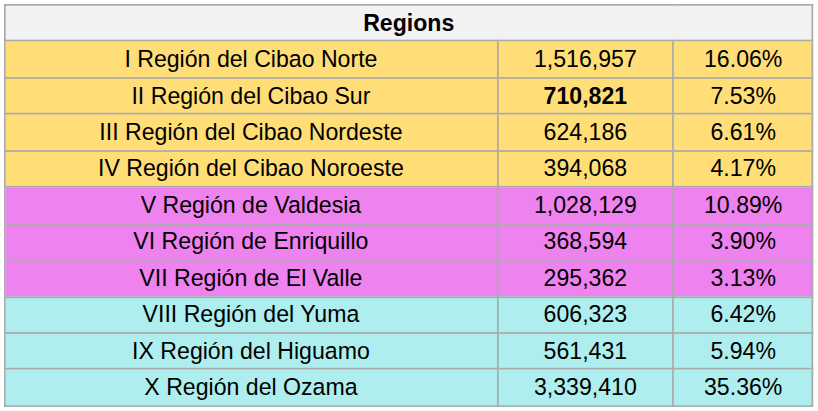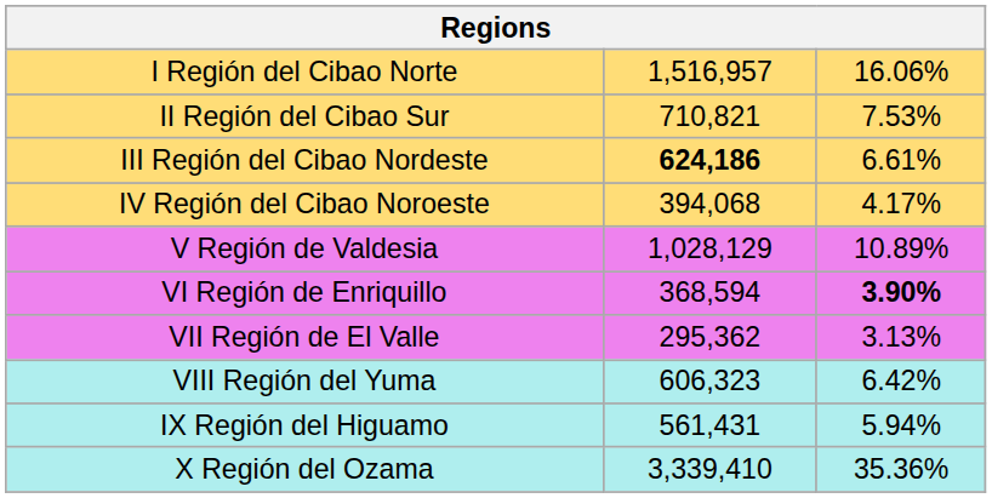 <table class="wikitable" id="cx9" style="text-align:center;clear:all; margin-right:8px; font-size:85%;" width="24%">
 <tr>
 <th colspan="8">Regions</th>
 </tr>
 <tr bgcolor="#FFDD77">
 <td>I Región del Cibao Norte</td>
 <td align="center">1,516,957</td>
 <td align="center">16.06%</td>
 </tr>
 <tr bgcolor="#FFDD77">
 <td>II Región del Cibao Sur</td>
-<td align="center"><strong>710,821</strong></td>
+<td align="center">710,821</td>
 <td align="center">7.53%</td>
 </tr>
 <tr bgcolor="#FFDD77">
 <td>III Región del Cibao Nordeste</td>
-<td align="center">624,186</td>
+<td align="center"><strong>624,186</strong></td>
 <td align="center">6.61%</td>
 </tr>
 <tr bgcolor="#FFDD77">
 <td>IV Región del Cibao Noroeste</td>
 <td align="center">394,068</td>
 <td align="center">4.17%</td>
 </tr>
 <tr bgcolor="#EE82EE">
 <td>V Región de Valdesia</td>
 <td align="center">1,028,129</td>
 <td align="center">10.89%</td>
 </tr>
 <tr bgcolor="#EE82EE">
 <td>VI Región de Enriquillo</td>
 <td align="center">368,594</td>
-<td align="center">3.90%</td>
+<td align="center"><strong>3.90%</strong></td>
 </tr>
 <tr bgcolor="#EE82EE">
 <td>VII Región de El Valle</td>
 <td align="center">295,362</td>
 <td align="center">3.13%</td>
 </tr>
 <tr bgcolor="#AFEEEE">
 <td>VIII Región del Yuma</td>
 <td align="center">606,323</td>
 <td align="center">6.42%</td>
 </tr>
 <tr bgcolor="#AFEEEE">
 <td>IX Región del Higuamo</td>
 <td align="center">561,431</td>
 <td align="center">5.94%</td>
 </tr>
 <tr bgcolor="#AFEEEE">
 <td>X Región del Ozama</td>
 <td align="center">3,339,410</td>
 <td align="center">35.36%</td>
 </tr>
 </table>
